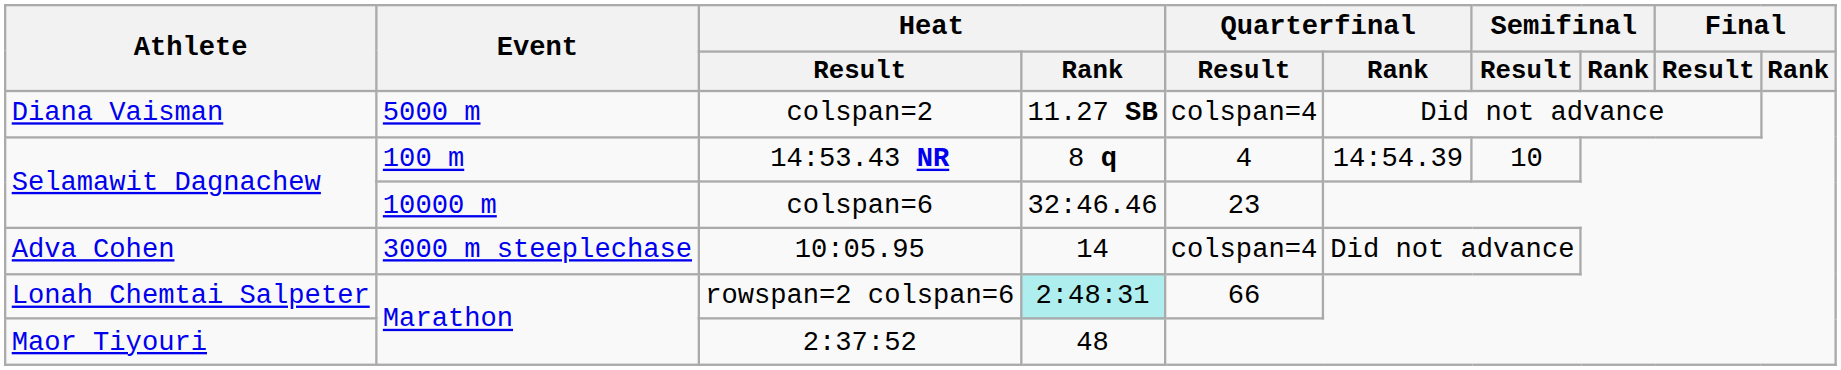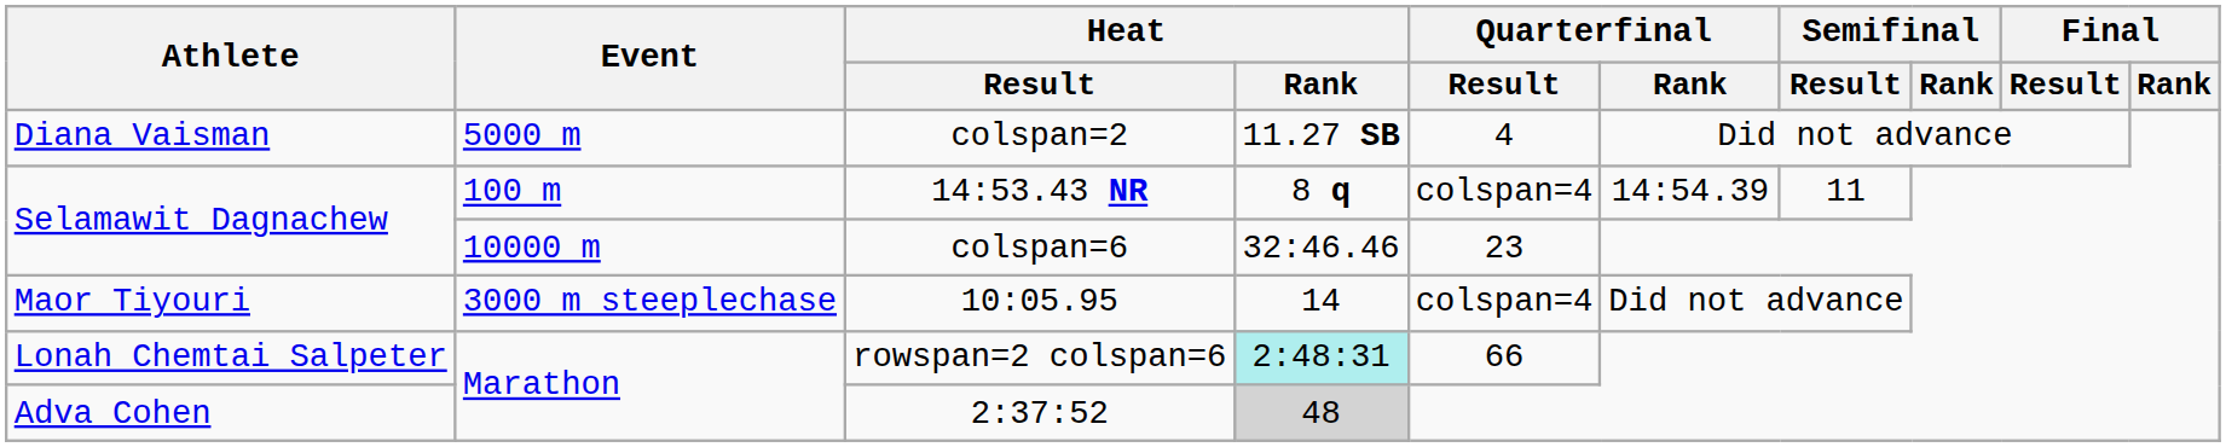 <table class="wikitable" style="font-size:90%">
 <tr>
 <th rowspan=2>Athlete</th>
 <th rowspan=2>Event</th>
 <th colspan=2>Heat</th>
 <th colspan=2>Quarterfinal</th>
 <th colspan=2>Semifinal</th>
 <th colspan=2>Final</th>
 </tr>
 <tr style="font-size:95%">
 <th>Result</th>
 <th>Rank</th>
 <th>Result</th>
 <th>Rank</th>
 <th>Result</th>
 <th>Rank</th>
 <th>Result</th>
 <th>Rank</th>
 </tr>
 <tr align=center>
 <td align=left><a href='#'>Diana Vaisman</a></td>
 <td align=left><a href='#'>5000 m</a></td>
 <td>colspan=2 </td>
 <td>11.27 <strong>SB</strong></td>
-<td>colspan=4 </td>
+<td>4</td>
 <td colspan=4>Did not advance</td>
 </tr>
 <tr align=center>
 <td align=left rowspan=2><a href='#'>Selamawit Dagnachew</a></td>
 <td align=left><a href='#'>100 m</a></td>
 <td>14:53.43 <strong><a href='#'>NR</a></strong></td>
 <td>8 <strong>q</strong></td>
-<td>4</td>
+<td>colspan=4 </td>
 <td>14:54.39</td>
-<td>10</td>
+<td>11</td>
 </tr>
 <tr align=center>
 <td align=left><a href='#'>10000 m</a></td>
 <td>colspan=6 </td>
 <td>32:46.46</td>
 <td>23</td>
 </tr>
 <tr align=center>
-<td align=left><a href='#'>Adva Cohen</a></td>
+<td align=left><a href='#'>Maor Tiyouri</a></td>
 <td align=left><a href='#'>3000 m steeplechase</a></td>
 <td>10:05.95</td>
 <td>14</td>
 <td>colspan=4 </td>
 <td colspan=2>Did not advance</td>
 </tr>
 <tr align=center>
 <td align=left><a href='#'>Lonah Chemtai Salpeter</a></td>
 <td align=left rowspan=2><a href='#'>Marathon</a></td>
 <td>rowspan=2 colspan=6 </td>
 <td style="background: paleturquoise;">2:48:31</td>
 <td>66</td>
 </tr>
 <tr align=center>
-<td align=left><a href='#'>Maor Tiyouri</a></td>
+<td align=left><a href='#'>Adva Cohen</a></td>
 <td>2:37:52</td>
-<td>48</td>
+<td style="background: lightgrey;">48</td>
 </tr>
 </table>
